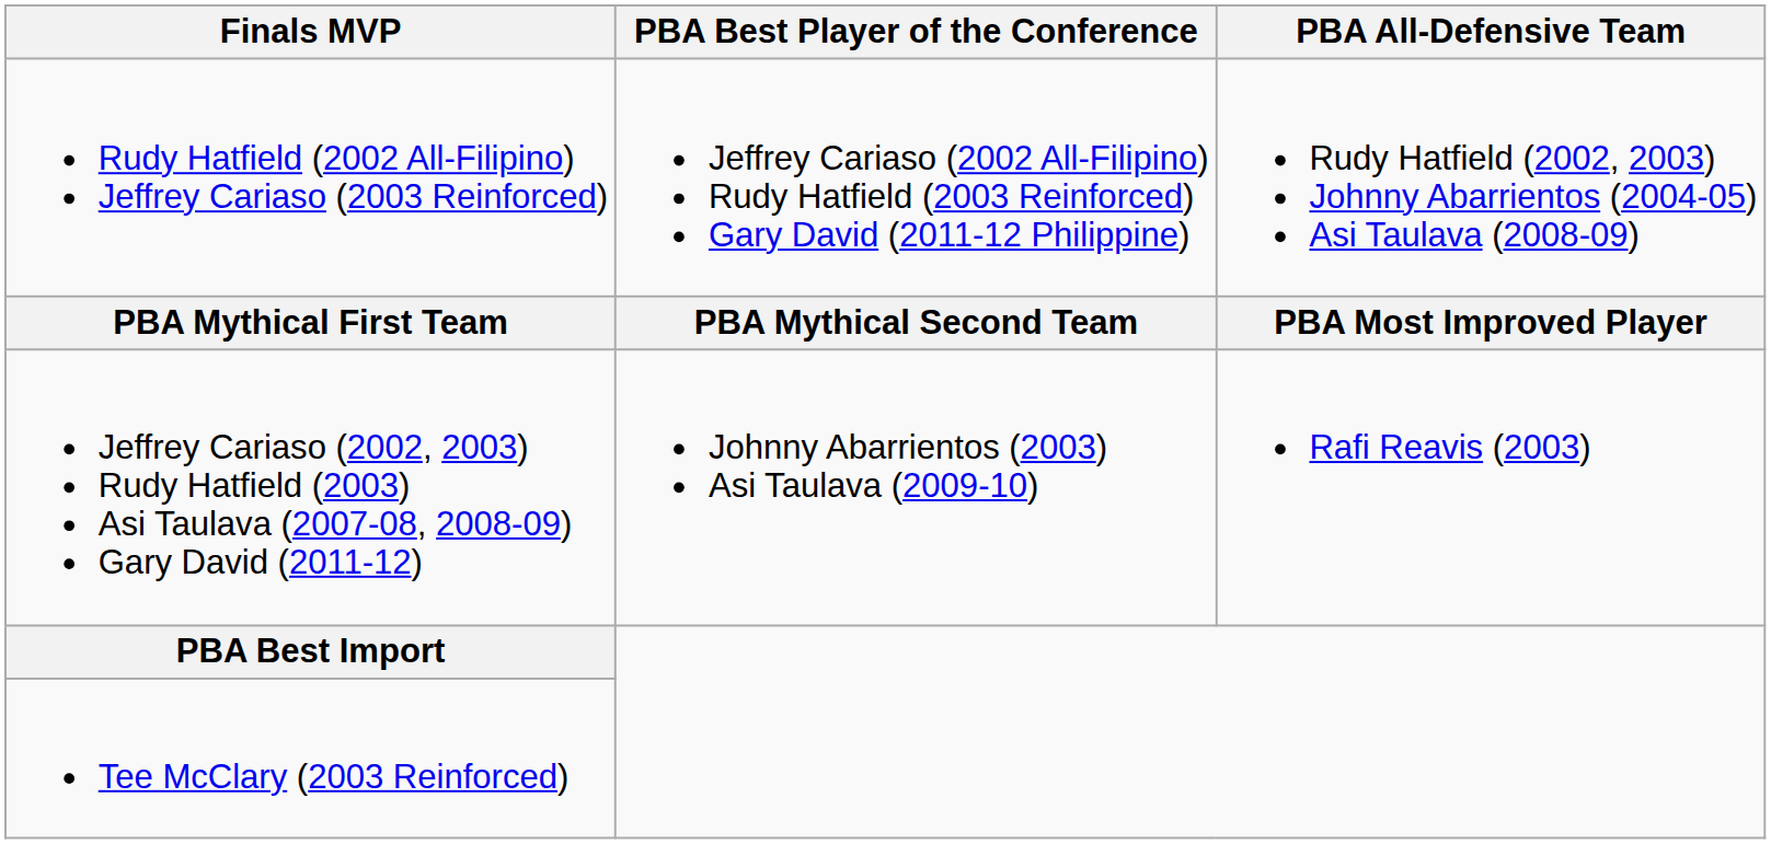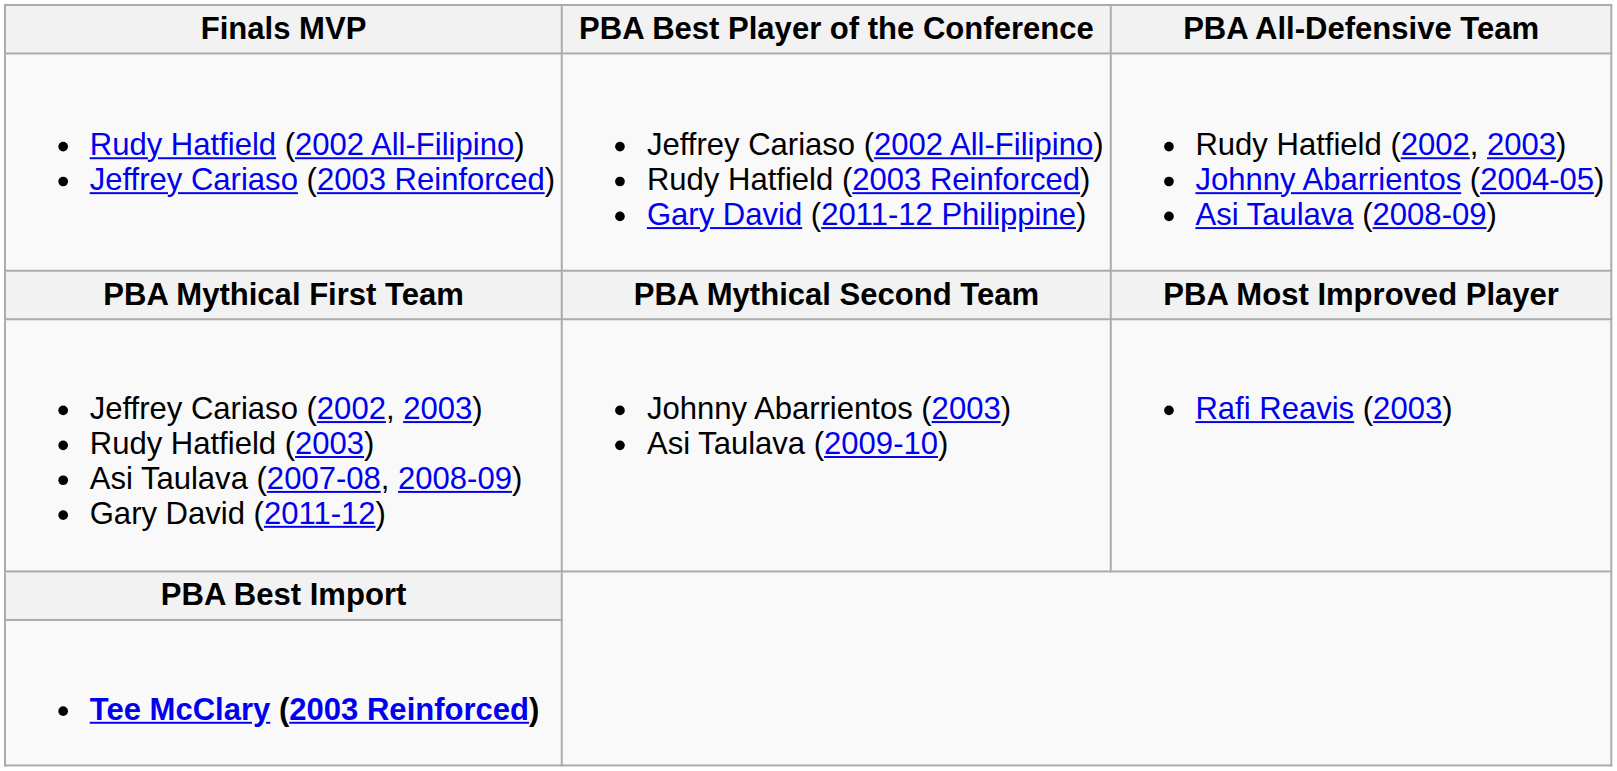 <table class=wikitable>
 <tr>
 <th>Finals MVP</th>
 <th>PBA Best Player of the Conference</th>
 <th>PBA All-Defensive Team</th>
 </tr>
 <tr>
 <td valign="top"><br><ul><li><a href='#'>Rudy Hatfield</a> (<a href='#'>2002 All-Filipino</a>)</li><li><a href='#'>Jeffrey Cariaso</a> (<a href='#'>2003 Reinforced</a>)</li></ul></td>
 <td valign="top"><br><ul><li>Jeffrey Cariaso (<a href='#'>2002 All-Filipino</a>)</li><li>Rudy Hatfield (<a href='#'>2003 Reinforced</a>)</li><li><a href='#'>Gary David</a> (<a href='#'>2011-12 Philippine</a>)</li></ul></td>
 <td valign="top"><br><ul><li>Rudy Hatfield (<a href='#'>2002</a>, <a href='#'>2003</a>)</li><li><a href='#'>Johnny Abarrientos</a> (<a href='#'>2004-05</a>)</li><li><a href='#'>Asi Taulava</a> (<a href='#'>2008-09</a>)</li></ul></td>
 </tr>
 <tr>
 <th>PBA Mythical First Team</th>
 <th>PBA Mythical Second Team</th>
 <th>PBA Most Improved Player</th>
 </tr>
 <tr>
 <td valign="top"><br><ul><li>Jeffrey Cariaso (<a href='#'>2002</a>, <a href='#'>2003</a>)</li><li>Rudy Hatfield (<a href='#'>2003</a>)</li><li>Asi Taulava (<a href='#'>2007-08</a>, <a href='#'>2008-09</a>)</li><li>Gary David (<a href='#'>2011-12</a>)</li></ul></td>
 <td valign="top"><br><ul><li>Johnny Abarrientos (<a href='#'>2003</a>)</li><li>Asi Taulava (<a href='#'>2009-10</a>)</li></ul></td>
 <td valign="top"><br><ul><li><a href='#'>Rafi Reavis</a> (<a href='#'>2003</a>)</li></ul></td>
 </tr>
 <tr>
 <th>PBA Best Import</th>
 </tr>
 <tr>
-<td valign="top"><br><ul><li><a href='#'>Tee McClary</a> (<a href='#'>2003 Reinforced</a>)</li></ul></td>
+<td valign="top"><strong><br><ul><li><a href='#'>Tee McClary</a> (<a href='#'>2003 Reinforced</a>)</li></ul></strong></td>
 </tr>
 </table>
